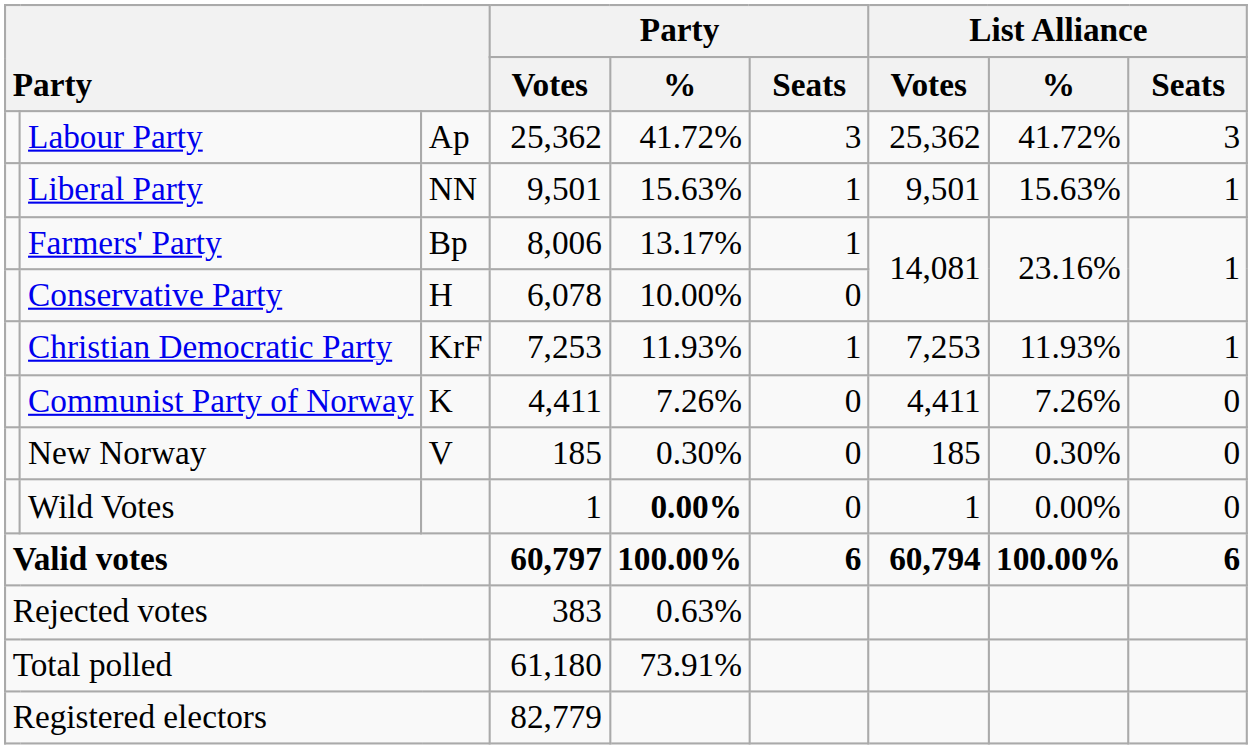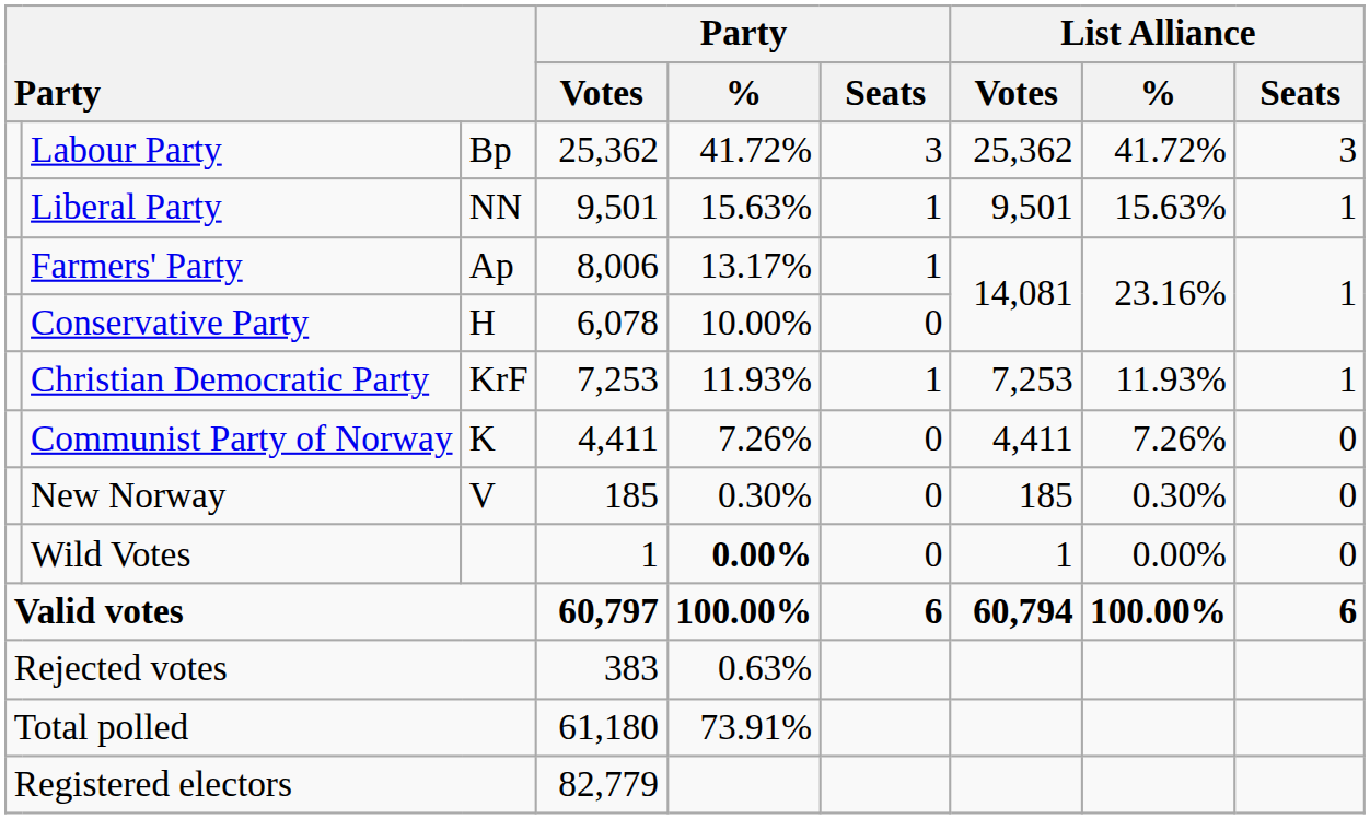 <table class="wikitable" border="1" style="text-align:right;">
 <tr>
 <th style="text-align:left;" valign=bottom rowspan=2 colspan=3>Party</th>
 <th colspan=3>Party</th>
 <th colspan=3>List Alliance</th>
 </tr>
 <tr>
 <th align=center valign=bottom width="50">Votes</th>
 <th align=center valign=bottom width="50">%</th>
 <th align=center valign=bottom width="50">Seats</th>
 <th align=center valign=bottom width="50">Votes</th>
 <th align=center valign=bottom width="50">%</th>
 <th align=center valign=bottom width="50">Seats</th>
 </tr>
 <tr>
 <td style="color:inherit;background:"></td>
 <td align=left><a href='#'>Labour Party</a></td>
-<td align=left>Ap</td>
+<td align=left>Bp</td>
 <td>25,362</td>
 <td>41.72%</td>
 <td>3</td>
 <td>25,362</td>
 <td>41.72%</td>
 <td>3</td>
 </tr>
 <tr>
 <td style="color:inherit;background:"></td>
 <td align=left><a href='#'>Liberal Party</a></td>
 <td align=left>NN</td>
 <td>9,501</td>
 <td>15.63%</td>
 <td>1</td>
 <td>9,501</td>
 <td>15.63%</td>
 <td>1</td>
 </tr>
 <tr>
 <td style="color:inherit;background:"></td>
 <td align=left><a href='#'>Farmers' Party</a></td>
-<td align=left>Bp</td>
+<td align=left>Ap</td>
 <td>8,006</td>
 <td>13.17%</td>
 <td>1</td>
 <td rowspan=2>14,081</td>
 <td rowspan=2>23.16%</td>
 <td rowspan=2>1</td>
 </tr>
 <tr>
 <td style="color:inherit;background:"></td>
 <td align=left><a href='#'>Conservative Party</a></td>
 <td align=left>H</td>
 <td>6,078</td>
 <td>10.00%</td>
 <td>0</td>
 </tr>
 <tr>
 <td style="color:inherit;background:"></td>
 <td align=left><a href='#'>Christian Democratic Party</a></td>
 <td align=left>KrF</td>
 <td>7,253</td>
 <td>11.93%</td>
 <td>1</td>
 <td>7,253</td>
 <td>11.93%</td>
 <td>1</td>
 </tr>
 <tr>
 <td style="color:inherit;background:"></td>
 <td align=left><a href='#'>Communist Party of Norway</a></td>
 <td align=left>K</td>
 <td>4,411</td>
 <td>7.26%</td>
 <td>0</td>
 <td>4,411</td>
 <td>7.26%</td>
 <td>0</td>
 </tr>
 <tr>
 <td></td>
 <td align=left>New Norway</td>
 <td align=left>V</td>
 <td>185</td>
 <td>0.30%</td>
 <td>0</td>
 <td>185</td>
 <td>0.30%</td>
 <td>0</td>
 </tr>
 <tr>
 <td></td>
 <td align=left>Wild Votes</td>
 <td align=left></td>
 <td>1</td>
 <td><strong>0.00%</strong></td>
 <td>0</td>
 <td>1</td>
 <td>0.00%</td>
 <td>0</td>
 </tr>
 <tr style="font-weight:bold">
 <td align=left colspan=3>Valid votes</td>
 <td>60,797</td>
 <td>100.00%</td>
 <td>6</td>
 <td>60,794</td>
 <td>100.00%</td>
 <td>6</td>
 </tr>
 <tr>
 <td align=left colspan=3>Rejected votes</td>
 <td>383</td>
 <td>0.63%</td>
 <td></td>
 <td></td>
 <td></td>
 <td></td>
 </tr>
 <tr>
 <td align=left colspan=3>Total polled</td>
 <td>61,180</td>
 <td>73.91%</td>
 <td></td>
 <td></td>
 <td></td>
 <td></td>
 </tr>
 <tr>
 <td align=left colspan=3>Registered electors</td>
 <td>82,779</td>
 <td></td>
 <td></td>
 <td></td>
 <td></td>
 <td></td>
 </tr>
 </table>
